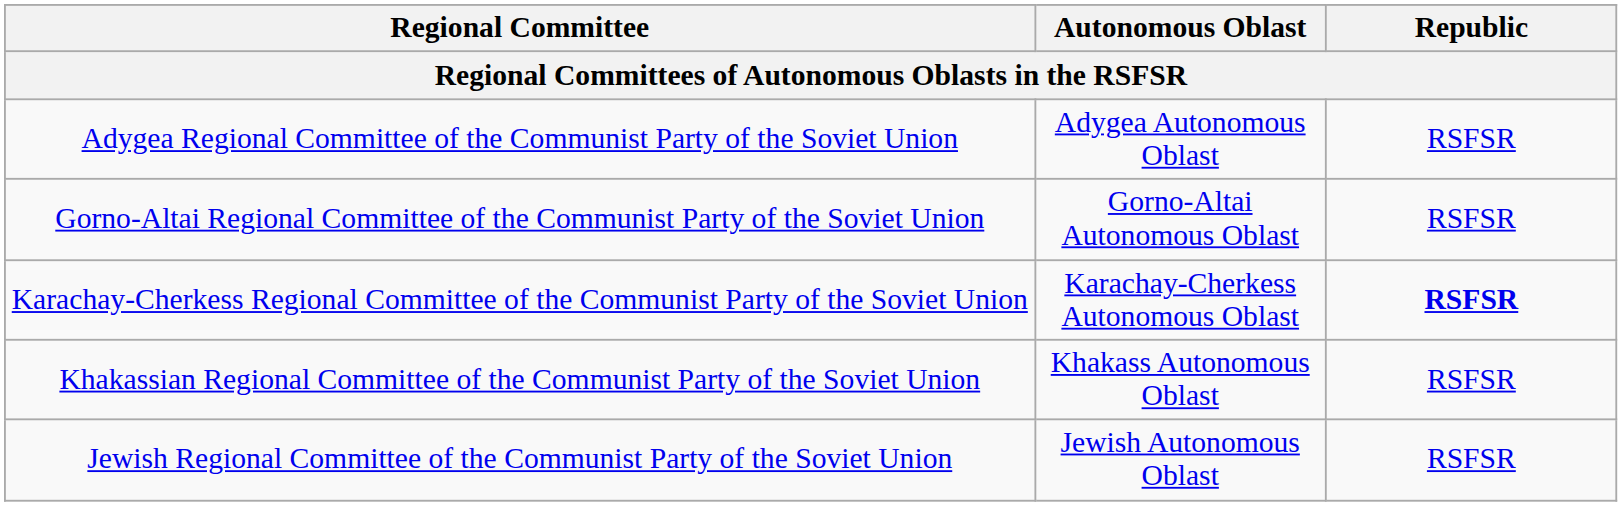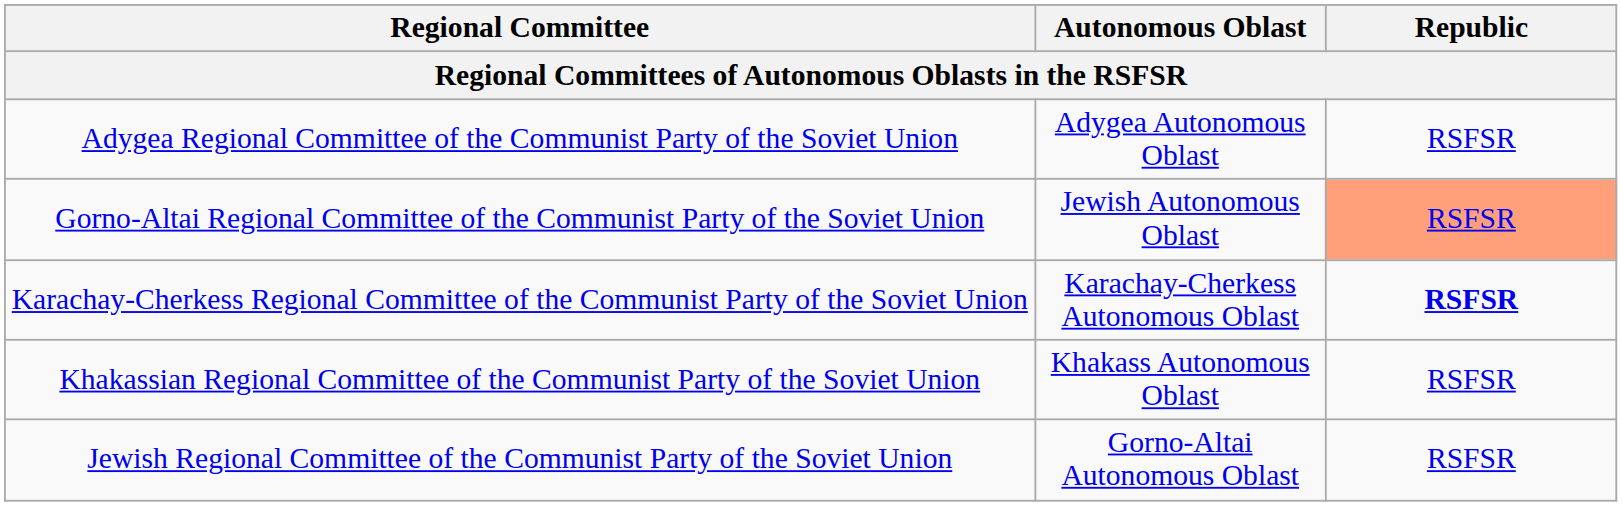 <table class="wikitable" style="text-align:center">
 <tr>
 <th>Regional Committee</th>
 <th width="150">Autonomous Oblast</th>
 <th width="150">Republic</th>
 </tr>
 <tr>
 <th colspan="3"><strong>Regional Committees of Autonomous Oblasts in the RSFSR</strong></th>
 </tr>
 <tr>
 <td><a href='#'>Adygea Regional Committee of the Communist Party of the Soviet Union</a></td>
 <td><a href='#'>Adygea Autonomous Oblast</a></td>
 <td> <a href='#'>RSFSR</a></td>
 </tr>
 <tr>
 <td><a href='#'>Gorno-Altai Regional Committee of the Communist Party of the Soviet Union</a></td>
-<td><a href='#'>Gorno-Altai Autonomous Oblast</a></td>
-<td> <a href='#'>RSFSR</a></td>
+<td><a href='#'>Jewish Autonomous Oblast</a></td>
+<td style="background: lightsalmon;"> <a href='#'>RSFSR</a></td>
 </tr>
 <tr>
 <td><a href='#'>Karachay-Cherkess Regional Committee of the Communist Party of the Soviet Union</a></td>
 <td><a href='#'>Karachay-Cherkess Autonomous Oblast</a></td>
 <td><strong> <a href='#'>RSFSR</a></strong></td>
 </tr>
 <tr>
 <td><a href='#'>Khakassian Regional Committee of the Communist Party of the Soviet Union</a></td>
 <td><a href='#'>Khakass Autonomous Oblast</a></td>
 <td> <a href='#'>RSFSR</a></td>
 </tr>
 <tr>
 <td><a href='#'>Jewish Regional Committee of the Communist Party of the Soviet Union</a></td>
-<td><a href='#'>Jewish Autonomous Oblast</a></td>
+<td><a href='#'>Gorno-Altai Autonomous Oblast</a></td>
 <td> <a href='#'>RSFSR</a></td>
 </tr>
 </table>
